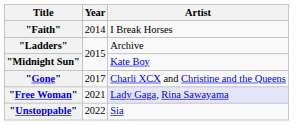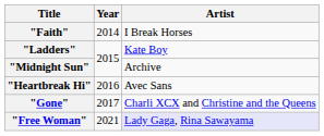 <table class="wikitable">
 <tr>
 <th>Title</th>
 <th>Year</th>
 <th>Artist</th>
 </tr>
 <tr>
 <th scope="row">"Faith"</th>
 <td>2014</td>
 <td>I Break Horses</td>
 </tr>
 <tr>
 <th scope="row">"Ladders"</th>
 <td rowspan="2">2015</td>
+<td><a href='#'>Kate Boy</a></td>
+</tr>
+<tr>
+<th scope="row">"Midnight Sun"</th>
 <td>Archive</td>
 </tr>
 <tr>
-<th scope="row">"Midnight Sun"</th>
-<td><a href='#'>Kate Boy</a></td>
+<th scope="row">"Heartbreak Hi"</th>
+<td>2016</td>
+<td>Avec Sans</td>
 </tr>
 <tr>
 <th scope="row">"<a href='#'>Gone</a>"</th>
 <td>2017</td>
 <td><a href='#'>Charli XCX</a> and <a href='#'>Christine and the Queens</a></td>
 </tr>
 <tr>
 <th scope="row">"<a href='#'>Free Woman</a>"</th>
 <td>2021</td>
 <td style="background: lavender;"><a href='#'>Lady Gaga</a>, <a href='#'>Rina Sawayama</a></td>
 </tr>
-<tr>
-<th scope="row">"<a href='#'>Unstoppable</a>"</th>
-<td>2022</td>
-<td><a href='#'>Sia</a></td>
-</tr>
 </table>
